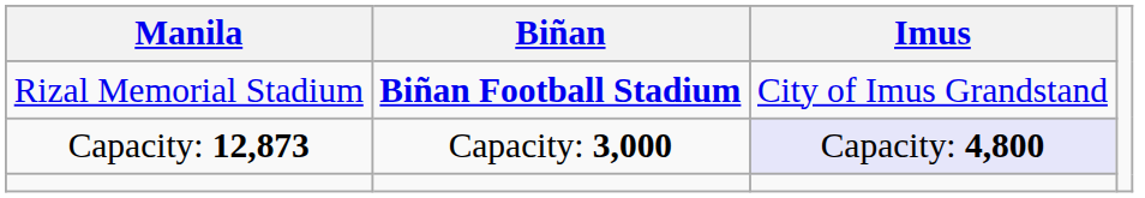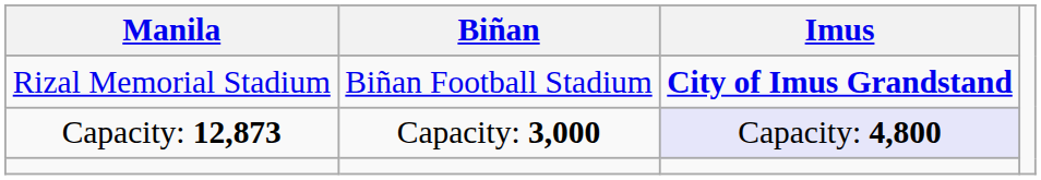 <table class="wikitable" style="text-align:center">
 <tr>
 <th><a href='#'>Manila</a></th>
 <th><a href='#'>Biñan</a></th>
 <th><a href='#'>Imus</a></th>
 <td rowspan=4></td>
 </tr>
 <tr>
 <td><a href='#'>Rizal Memorial Stadium</a></td>
-<td><strong><a href='#'>Biñan Football Stadium</a></strong></td>
-<td><a href='#'>City of Imus Grandstand</a></td>
+<td><a href='#'>Biñan Football Stadium</a></td>
+<td><strong><a href='#'>City of Imus Grandstand</a></strong></td>
 </tr>
 <tr>
 <td>Capacity: <strong>12,873</strong></td>
 <td>Capacity: <strong>3,000</strong></td>
 <td style="background: lavender;">Capacity: <strong>4,800</strong></td>
 </tr>
 <tr>
 <td></td>
 <td></td>
 <td></td>
 </tr>
 </table>
